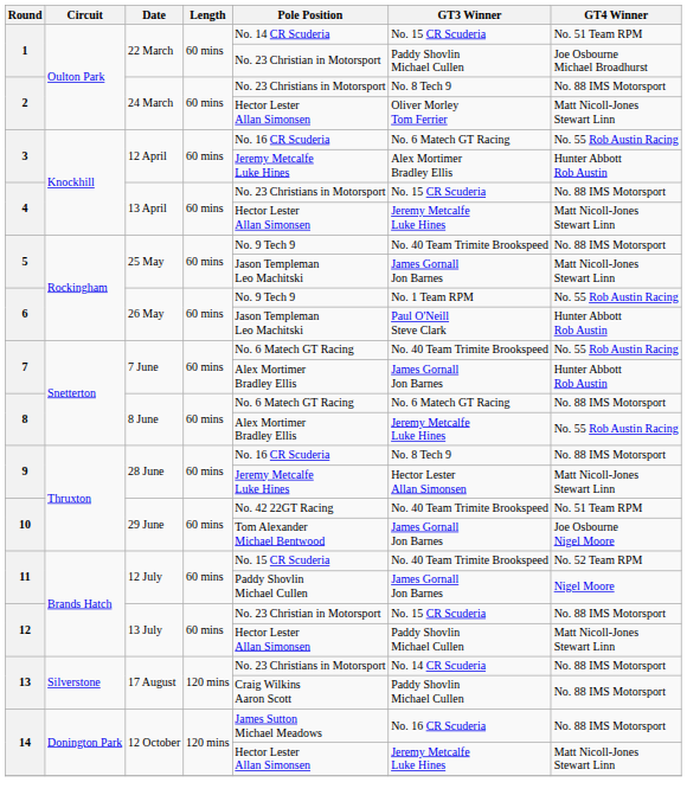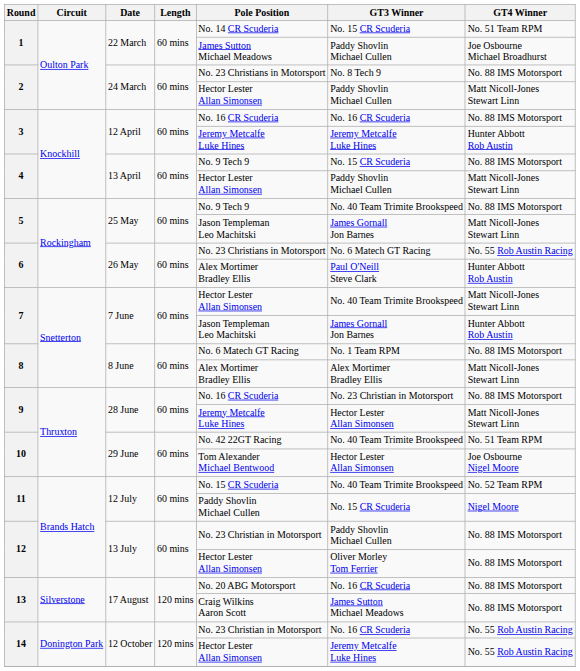 <table class="wikitable" style="font-size: 85%;">
 <tr>
 <th>Round</th>
 <th>Circuit</th>
 <th>Date</th>
 <th>Length</th>
 <th>Pole Position</th>
 <th>GT3 Winner</th>
 <th>GT4 Winner</th>
 </tr>
 <tr>
 <th rowspan=2>1</th>
 <td rowspan=4> <a href='#'>Oulton Park</a></td>
 <td rowspan=2>22 March</td>
 <td rowspan=2>60 mins</td>
 <td>No. 14 <a href='#'>CR Scuderia</a></td>
 <td>No. 15 <a href='#'>CR Scuderia</a></td>
 <td>No. 51 Team RPM</td>
 </tr>
 <tr>
-<td>No. 23 Christian in Motorsport</td>
+<td> <a href='#'>James Sutton</a><br> Michael Meadows</td>
 <td> Paddy Shovlin<br> Michael Cullen</td>
 <td> Joe Osbourne<br> Michael Broadhurst</td>
 </tr>
 <tr>
 <th rowspan=2>2</th>
 <td rowspan=2>24 March</td>
 <td rowspan=2>60 mins</td>
 <td>No. 23 Christians in Motorsport</td>
 <td>No. 8 Tech 9</td>
 <td>No. 88 IMS Motorsport</td>
 </tr>
 <tr>
 <td> Hector Lester<br> <a href='#'>Allan Simonsen</a></td>
-<td> Oliver Morley<br> <a href='#'>Tom Ferrier</a></td>
+<td> Paddy Shovlin<br> Michael Cullen</td>
 <td> Matt Nicoll-Jones<br> Stewart Linn</td>
 </tr>
 <tr>
 <th rowspan=2>3</th>
 <td rowspan=4> <a href='#'>Knockhill</a></td>
 <td rowspan=2>12 April</td>
 <td rowspan=2>60 mins</td>
 <td>No. 16 <a href='#'>CR Scuderia</a></td>
-<td>No. 6 Matech GT Racing</td>
-<td>No. 55 <a href='#'>Rob Austin Racing</a></td>
+<td>No. 16 <a href='#'>CR Scuderia</a></td>
+<td>No. 88 IMS Motorsport</td>
 </tr>
 <tr>
 <td> <a href='#'>Jeremy Metcalfe</a><br> <a href='#'>Luke Hines</a></td>
-<td> Alex Mortimer<br> Bradley Ellis</td>
+<td> <a href='#'>Jeremy Metcalfe</a><br> <a href='#'>Luke Hines</a></td>
 <td> Hunter Abbott<br> <a href='#'>Rob Austin</a></td>
 </tr>
 <tr>
 <th rowspan=2>4</th>
 <td rowspan=2>13 April</td>
 <td rowspan=2>60 mins</td>
-<td>No. 23 Christians in Motorsport</td>
+<td>No. 9 Tech 9</td>
 <td>No. 15 <a href='#'>CR Scuderia</a></td>
 <td>No. 88 IMS Motorsport</td>
 </tr>
 <tr>
 <td> Hector Lester<br> <a href='#'>Allan Simonsen</a></td>
-<td> <a href='#'>Jeremy Metcalfe</a><br> <a href='#'>Luke Hines</a></td>
+<td> Paddy Shovlin<br> Michael Cullen</td>
 <td> Matt Nicoll-Jones<br> Stewart Linn</td>
 </tr>
 <tr>
 <th rowspan=2>5</th>
 <td rowspan=4> <a href='#'>Rockingham</a></td>
 <td rowspan=2>25 May</td>
 <td rowspan=2>60 mins</td>
 <td>No. 9 Tech 9</td>
 <td>No. 40 Team Trimite Brookspeed</td>
 <td>No. 88 IMS Motorsport</td>
 </tr>
 <tr>
 <td> Jason Templeman<br> Leo Machitski</td>
 <td> <a href='#'>James Gornall</a><br> Jon Barnes</td>
 <td> Matt Nicoll-Jones<br> Stewart Linn</td>
 </tr>
 <tr>
 <th rowspan=2>6</th>
 <td rowspan=2>26 May</td>
 <td rowspan=2>60 mins</td>
-<td>No. 9 Tech 9</td>
-<td>No. 1 Team RPM</td>
+<td>No. 23 Christians in Motorsport</td>
+<td>No. 6 Matech GT Racing</td>
 <td>No. 55 <a href='#'>Rob Austin Racing</a></td>
 </tr>
 <tr>
-<td> Jason Templeman<br> Leo Machitski</td>
+<td> Alex Mortimer<br> Bradley Ellis</td>
 <td> <a href='#'>Paul O'Neill</a><br> Steve Clark</td>
 <td> Hunter Abbott<br> <a href='#'>Rob Austin</a></td>
 </tr>
 <tr>
 <th rowspan=2>7</th>
 <td rowspan=4> <a href='#'>Snetterton</a></td>
 <td rowspan=2>7 June</td>
 <td rowspan=2>60 mins</td>
-<td>No. 6 Matech GT Racing</td>
+<td> Hector Lester<br> <a href='#'>Allan Simonsen</a></td>
 <td>No. 40 Team Trimite Brookspeed</td>
-<td>No. 55 <a href='#'>Rob Austin Racing</a></td>
+<td> Matt Nicoll-Jones<br> Stewart Linn</td>
 </tr>
 <tr>
-<td> Alex Mortimer<br> Bradley Ellis</td>
+<td> Jason Templeman<br> Leo Machitski</td>
 <td> <a href='#'>James Gornall</a><br> Jon Barnes</td>
 <td> Hunter Abbott<br> <a href='#'>Rob Austin</a></td>
 </tr>
 <tr>
 <th rowspan=2>8</th>
 <td rowspan=2>8 June</td>
 <td rowspan=2>60 mins</td>
 <td>No. 6 Matech GT Racing</td>
-<td>No. 6 Matech GT Racing</td>
+<td>No. 1 Team RPM</td>
 <td>No. 88 IMS Motorsport</td>
 </tr>
 <tr>
 <td> Alex Mortimer<br> Bradley Ellis</td>
-<td> <a href='#'>Jeremy Metcalfe</a><br> <a href='#'>Luke Hines</a></td>
-<td>No. 55 <a href='#'>Rob Austin Racing</a></td>
+<td> Alex Mortimer<br> Bradley Ellis</td>
+<td> Matt Nicoll-Jones<br> Stewart Linn</td>
 </tr>
 <tr>
 <th rowspan=2>9</th>
 <td rowspan=4> <a href='#'>Thruxton</a></td>
 <td rowspan=2>28 June</td>
 <td rowspan=2>60 mins</td>
 <td>No. 16 <a href='#'>CR Scuderia</a></td>
-<td>No. 8 Tech 9</td>
+<td>No. 23 Christian in Motorsport</td>
 <td>No. 88 IMS Motorsport</td>
 </tr>
 <tr>
 <td> <a href='#'>Jeremy Metcalfe</a><br> <a href='#'>Luke Hines</a></td>
 <td> Hector Lester<br> <a href='#'>Allan Simonsen</a></td>
 <td> Matt Nicoll-Jones<br> Stewart Linn</td>
 </tr>
 <tr>
 <th rowspan=2>10</th>
 <td rowspan=2>29 June</td>
 <td rowspan=2>60 mins</td>
 <td>No. 42 22GT Racing</td>
 <td>No. 40 Team Trimite Brookspeed</td>
 <td>No. 51 Team RPM</td>
 </tr>
 <tr>
 <td> Tom Alexander<br> <a href='#'>Michael Bentwood</a></td>
-<td> <a href='#'>James Gornall</a><br> Jon Barnes</td>
+<td> Hector Lester<br> <a href='#'>Allan Simonsen</a></td>
 <td> Joe Osbourne<br> <a href='#'>Nigel Moore</a></td>
 </tr>
 <tr>
 <th rowspan=2>11</th>
 <td rowspan=4> <a href='#'>Brands Hatch</a></td>
 <td rowspan=2>12 July</td>
 <td rowspan=2>60 mins</td>
 <td>No. 15 <a href='#'>CR Scuderia</a></td>
 <td>No. 40 Team Trimite Brookspeed</td>
 <td>No. 52 Team RPM</td>
 </tr>
 <tr>
 <td> Paddy Shovlin<br> Michael Cullen</td>
-<td> <a href='#'>James Gornall</a><br> Jon Barnes</td>
+<td>No. 15 <a href='#'>CR Scuderia</a></td>
 <td> <a href='#'>Nigel Moore</a></td>
 </tr>
 <tr>
 <th rowspan=2>12</th>
 <td rowspan=2>13 July</td>
 <td rowspan=2>60 mins</td>
 <td>No. 23 Christian in Motorsport</td>
-<td>No. 15 <a href='#'>CR Scuderia</a></td>
+<td> Paddy Shovlin<br> Michael Cullen</td>
 <td>No. 88 IMS Motorsport</td>
 </tr>
 <tr>
 <td> Hector Lester<br> <a href='#'>Allan Simonsen</a></td>
-<td> Paddy Shovlin<br> Michael Cullen</td>
-<td> Matt Nicoll-Jones<br> Stewart Linn</td>
+<td> Oliver Morley<br> <a href='#'>Tom Ferrier</a></td>
+<td>No. 88 IMS Motorsport</td>
 </tr>
 <tr>
 <th rowspan=2>13</th>
 <td rowspan=2> <a href='#'>Silverstone</a></td>
 <td rowspan=2>17 August</td>
 <td rowspan=2>120 mins</td>
-<td>No. 23 Christians in Motorsport</td>
-<td>No. 14 <a href='#'>CR Scuderia</a></td>
+<td>No. 20 ABG Motorsport</td>
+<td>No. 16 <a href='#'>CR Scuderia</a></td>
 <td>No. 88 IMS Motorsport</td>
 </tr>
 <tr>
 <td> Craig Wilkins<br> Aaron Scott</td>
-<td> Paddy Shovlin<br> Michael Cullen</td>
+<td> <a href='#'>James Sutton</a><br> Michael Meadows</td>
 <td>No. 88 IMS Motorsport</td>
 </tr>
 <tr>
 <th rowspan=2>14</th>
 <td rowspan=2> <a href='#'>Donington Park</a></td>
 <td rowspan=2>12 October</td>
 <td rowspan=2>120 mins</td>
-<td> <a href='#'>James Sutton</a><br> Michael Meadows</td>
+<td>No. 23 Christian in Motorsport</td>
 <td>No. 16 <a href='#'>CR Scuderia</a></td>
-<td>No. 88 IMS Motorsport</td>
+<td>No. 55 <a href='#'>Rob Austin Racing</a></td>
 </tr>
 <tr>
 <td> Hector Lester<br> <a href='#'>Allan Simonsen</a></td>
 <td> <a href='#'>Jeremy Metcalfe</a><br> <a href='#'>Luke Hines</a></td>
-<td> Matt Nicoll-Jones<br> Stewart Linn</td>
+<td>No. 55 <a href='#'>Rob Austin Racing</a></td>
 </tr>
 <tr>
 </tr>
 </table>
